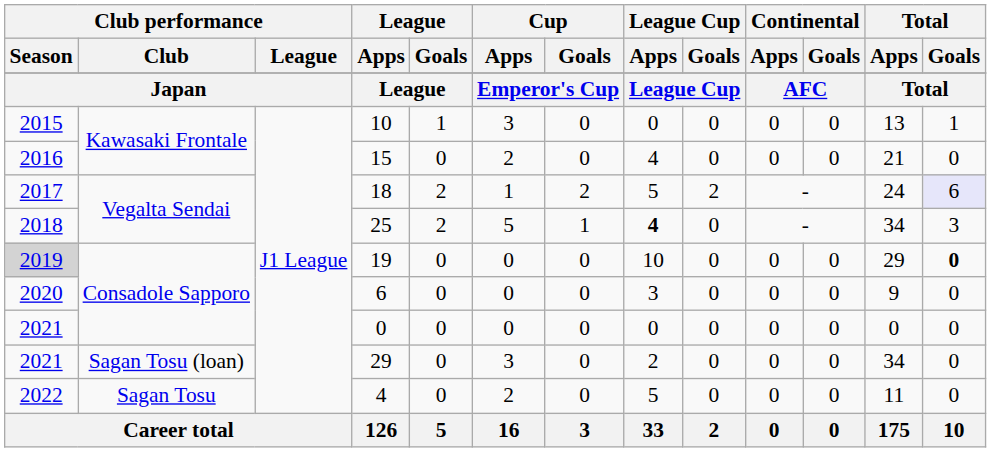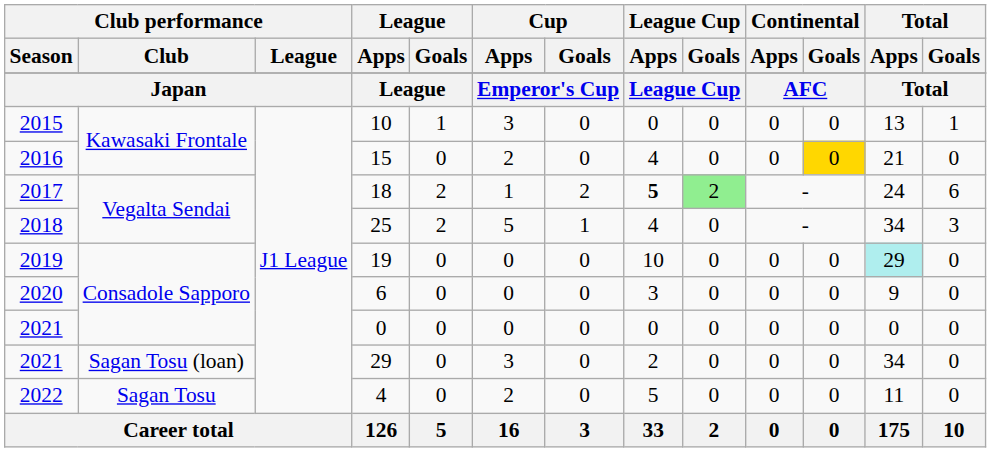 <table class="wikitable" style="text-align:center">
 <tr>
 <th colspan=3>Club performance</th>
 <th colspan=2>League</th>
 <th colspan=2>Cup</th>
 <th colspan=2>League Cup</th>
 <th colspan=2>Continental</th>
 <th colspan=2>Total</th>
 </tr>
 <tr>
 <th>Season</th>
 <th>Club</th>
 <th>League</th>
 <th>Apps</th>
 <th>Goals</th>
 <th>Apps</th>
 <th>Goals</th>
 <th>Apps</th>
 <th>Goals</th>
 <th>Apps</th>
 <th>Goals</th>
 <th>Apps</th>
 <th>Goals</th>
 </tr>
 <tr>
 </tr>
 <tr>
 <th colspan=3>Japan</th>
 <th colspan=2>League</th>
 <th colspan=2><a href='#'>Emperor's Cup</a></th>
 <th colspan=2><a href='#'>League Cup</a></th>
 <th colspan=2><a href='#'>AFC</a></th>
 <th colspan=2>Total</th>
 </tr>
 <tr>
 <td><a href='#'>2015</a></td>
 <td rowspan="2"><a href='#'>Kawasaki Frontale</a></td>
 <td rowspan="9"><a href='#'>J1 League</a></td>
 <td>10</td>
 <td>1</td>
 <td>3</td>
 <td>0</td>
 <td>0</td>
 <td>0</td>
 <td>0</td>
 <td>0</td>
 <td>13</td>
 <td>1</td>
 </tr>
 <tr>
 <td><a href='#'>2016</a></td>
 <td>15</td>
 <td>0</td>
 <td>2</td>
 <td>0</td>
 <td>4</td>
 <td>0</td>
 <td>0</td>
-<td>0</td>
+<td style="background: gold;">0</td>
 <td>21</td>
 <td>0</td>
 </tr>
 <tr>
 <td><a href='#'>2017</a></td>
 <td rowspan="2"><a href='#'>Vegalta Sendai</a></td>
 <td>18</td>
 <td>2</td>
 <td>1</td>
 <td>2</td>
-<td>5</td>
-<td>2</td>
+<td><strong>5</strong></td>
+<td style="background: lightgreen;">2</td>
 <td colspan="2">-</td>
 <td>24</td>
-<td style="background: lavender;">6</td>
+<td>6</td>
 </tr>
 <tr>
 <td><a href='#'>2018</a></td>
 <td>25</td>
 <td>2</td>
 <td>5</td>
 <td>1</td>
-<td><strong>4</strong></td>
+<td>4</td>
 <td>0</td>
 <td colspan="2">-</td>
 <td>34</td>
 <td>3</td>
 </tr>
 <tr>
-<td style="background: lightgrey;"><a href='#'>2019</a></td>
+<td><a href='#'>2019</a></td>
 <td rowspan="3"><a href='#'>Consadole Sapporo</a></td>
 <td>19</td>
 <td>0</td>
 <td>0</td>
 <td>0</td>
 <td>10</td>
 <td>0</td>
 <td>0</td>
 <td>0</td>
-<td>29</td>
-<td><strong>0</strong></td>
+<td style="background: paleturquoise;">29</td>
+<td>0</td>
 </tr>
 <tr>
 <td><a href='#'>2020</a></td>
 <td>6</td>
 <td>0</td>
 <td>0</td>
 <td>0</td>
 <td>3</td>
 <td>0</td>
 <td>0</td>
 <td>0</td>
 <td>9</td>
 <td>0</td>
 </tr>
 <tr>
 <td><a href='#'>2021</a></td>
 <td>0</td>
 <td>0</td>
 <td>0</td>
 <td>0</td>
 <td>0</td>
 <td>0</td>
 <td>0</td>
 <td>0</td>
 <td>0</td>
 <td>0</td>
 </tr>
 <tr>
 <td><a href='#'>2021</a></td>
 <td><a href='#'>Sagan Tosu</a> (loan)</td>
 <td>29</td>
 <td>0</td>
 <td>3</td>
 <td>0</td>
 <td>2</td>
 <td>0</td>
 <td>0</td>
 <td>0</td>
 <td>34</td>
 <td>0</td>
 </tr>
 <tr>
 <td><a href='#'>2022</a></td>
 <td><a href='#'>Sagan Tosu</a></td>
 <td>4</td>
 <td>0</td>
 <td>2</td>
 <td>0</td>
 <td>5</td>
 <td>0</td>
 <td>0</td>
 <td>0</td>
 <td>11</td>
 <td>0</td>
 </tr>
 <tr>
 <th colspan=3>Career total</th>
 <th>126</th>
 <th>5</th>
 <th>16</th>
 <th>3</th>
 <th>33</th>
 <th>2</th>
 <th>0</th>
 <th>0</th>
 <th>175</th>
 <th>10</th>
 </tr>
 </table>
